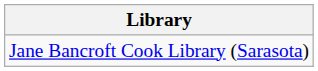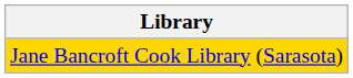 <table class="wikitable sortable">
 <tr>
 <th>Library</th>
 </tr>
 <tr valign="top">
-<td><a href='#'>Jane Bancroft Cook Library</a> (<a href='#'>Sarasota</a>)</td>
+<td style="background: gold;"><a href='#'>Jane Bancroft Cook Library</a> (<a href='#'>Sarasota</a>)</td>
 </tr>
 </table>
